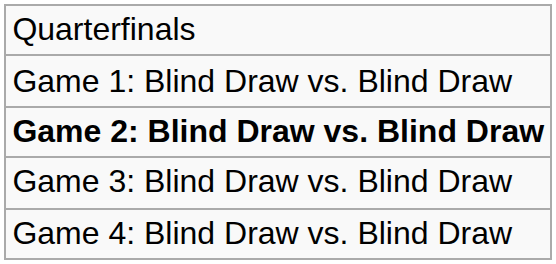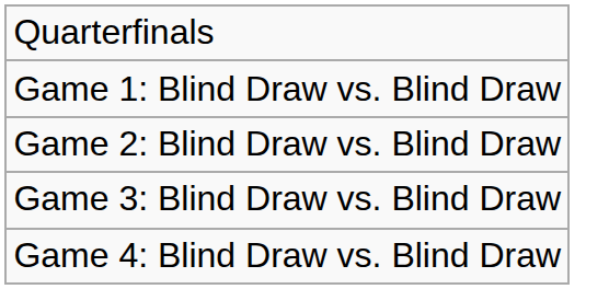 <table class="wikitable">
 <tr>
 <td>Quarterfinals</td>
 </tr>
 <tr>
 <td>Game 1: Blind Draw vs. Blind Draw</td>
 </tr>
 <tr>
-<td><strong>Game 2: Blind Draw vs. Blind Draw</strong></td>
+<td>Game 2: Blind Draw vs. Blind Draw</td>
 </tr>
 <tr>
 <td>Game 3: Blind Draw vs. Blind Draw</td>
 </tr>
 <tr>
 <td>Game 4: Blind Draw vs. Blind Draw</td>
 </tr>
 </table>
